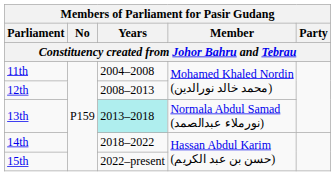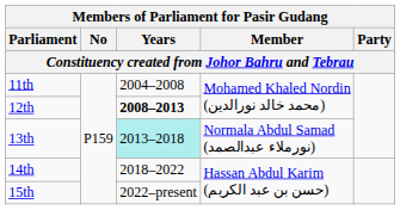 <table class=wikitable>
 <tr>
 <th colspan="5">Members of Parliament for Pasir Gudang</th>
 </tr>
 <tr>
 <th>Parliament</th>
 <th>No</th>
 <th>Years</th>
 <th>Member</th>
 <th>Party</th>
 </tr>
 <tr>
 <th colspan="5" align="center"><em>Constituency created from <a href='#'>Johor Bahru</a> and <a href='#'>Tebrau</a></em></th>
 </tr>
 <tr>
 <td><a href='#'>11th</a></td>
 <td rowspan="5">P159</td>
 <td>2004–2008</td>
 <td rowspan=2><a href='#'>Mohamed Khaled Nordin</a> <br> (محمد خالد نورالدين‎)</td>
 <td rowspan=3></td>
 </tr>
 <tr>
 <td><a href='#'>12th</a></td>
-<td>2008–2013</td>
+<td><strong>2008–2013</strong></td>
 </tr>
 <tr>
 <td><a href='#'>13th</a></td>
 <td style="background: paleturquoise;">2013–2018</td>
 <td><a href='#'>Normala Abdul Samad</a> <br> (نورملاء عبدالصمد)</td>
 </tr>
 <tr>
 <td><a href='#'>14th</a></td>
 <td>2018–2022</td>
 <td rowspan="2"><a href='#'>Hassan Abdul Karim</a> <br> (حسن بن عبد الكريم)</td>
 <td rowspan="2"></td>
 </tr>
 <tr>
 <td><a href='#'>15th</a></td>
 <td>2022–present</td>
 </tr>
 </table>
